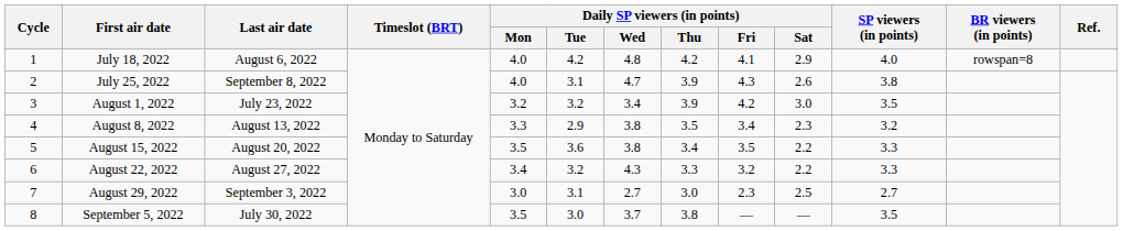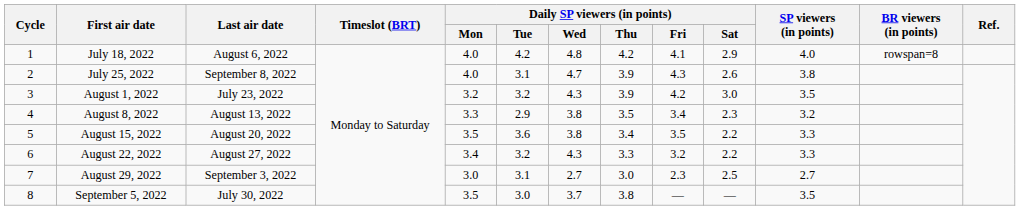 <table class="wikitable sortable" style="text-align:center; font-size:95%; width: 100%">
 <tr>
 <th rowspan=2 width="05.0%">Cycle</th>
 <th rowspan=2 width="12.5%">First air date</th>
 <th rowspan=2 width="12.5%">Last air date</th>
 <th rowspan=2 width="12.5%">Timeslot (<a href='#'>BRT</a>)</th>
 <th colspan=6 width="35.0%">Daily <a href='#'>SP</a> viewers (in points)</th>
 <th rowspan=2 width="10.0%"><a href='#'>SP</a> viewers<br>(in points)</th>
 <th rowspan=2 width="10.0%"><a href='#'>BR</a> viewers<br>(in points)</th>
 <th rowspan=2 width="05.0%">Ref.</th>
 </tr>
 <tr>
 <th width="05%">Mon</th>
 <th width="05%">Tue</th>
 <th width="05%">Wed</th>
 <th width="05%">Thu</th>
 <th width="05%">Fri</th>
 <th width="05%">Sat</th>
 </tr>
 <tr>
 <td>1</td>
 <td>July 18, 2022</td>
 <td>August 6, 2022</td>
 <td rowspan=8>Monday to Saturday<br></td>
 <td>4.0</td>
 <td>4.2</td>
 <td>4.8</td>
 <td>4.2</td>
 <td>4.1</td>
 <td>2.9</td>
 <td>4.0</td>
 <td>rowspan=8 </td>
 <td></td>
 </tr>
 <tr>
 <td>2</td>
 <td>July 25, 2022</td>
 <td>September 8, 2022</td>
 <td>4.0</td>
 <td>3.1</td>
 <td>4.7</td>
 <td>3.9</td>
 <td>4.3</td>
 <td>2.6</td>
 <td>3.8</td>
 <td></td>
 </tr>
 <tr>
 <td>3</td>
 <td>August 1, 2022</td>
 <td>July 23, 2022</td>
 <td>3.2</td>
 <td>3.2</td>
-<td>3.4</td>
+<td>4.3</td>
 <td>3.9</td>
 <td>4.2</td>
 <td>3.0</td>
 <td>3.5</td>
 <td></td>
 </tr>
 <tr>
 <td>4</td>
 <td>August 8, 2022</td>
 <td>August 13, 2022</td>
 <td>3.3</td>
 <td>2.9</td>
 <td>3.8</td>
 <td>3.5</td>
 <td>3.4</td>
 <td>2.3</td>
 <td>3.2</td>
 <td></td>
 </tr>
 <tr>
 <td>5</td>
 <td>August 15, 2022</td>
 <td>August 20, 2022</td>
 <td>3.5</td>
 <td>3.6</td>
 <td>3.8</td>
 <td>3.4</td>
 <td>3.5</td>
 <td>2.2</td>
 <td>3.3</td>
 <td></td>
 </tr>
 <tr>
 <td>6</td>
 <td>August 22, 2022</td>
 <td>August 27, 2022</td>
 <td>3.4</td>
 <td>3.2</td>
 <td>4.3</td>
 <td>3.3</td>
 <td>3.2</td>
 <td>2.2</td>
 <td>3.3</td>
 <td></td>
 </tr>
 <tr>
 <td>7</td>
 <td>August 29, 2022</td>
 <td>September 3, 2022</td>
 <td>3.0</td>
 <td>3.1</td>
 <td>2.7</td>
 <td>3.0</td>
 <td>2.3</td>
 <td>2.5</td>
 <td>2.7</td>
 <td></td>
 </tr>
 <tr>
 <td>8</td>
 <td>September 5, 2022</td>
 <td>July 30, 2022</td>
 <td>3.5</td>
 <td>3.0</td>
 <td>3.7</td>
 <td>3.8</td>
 <td>—</td>
 <td>—</td>
 <td>3.5</td>
 <td></td>
 </tr>
 </table>
